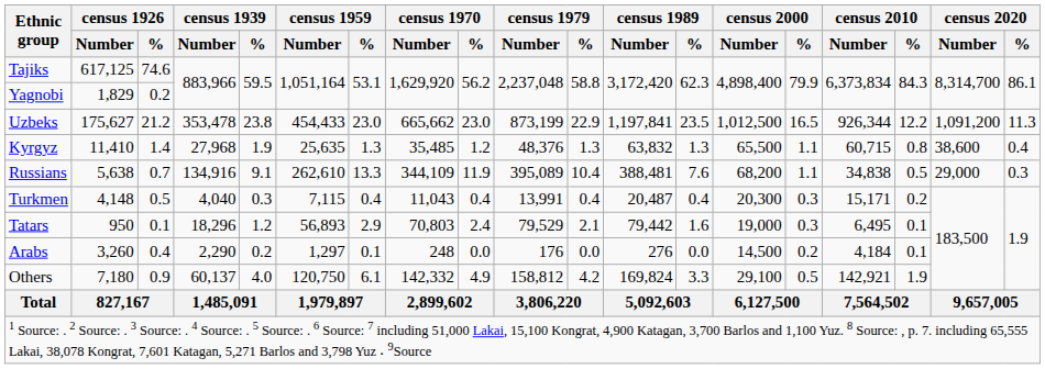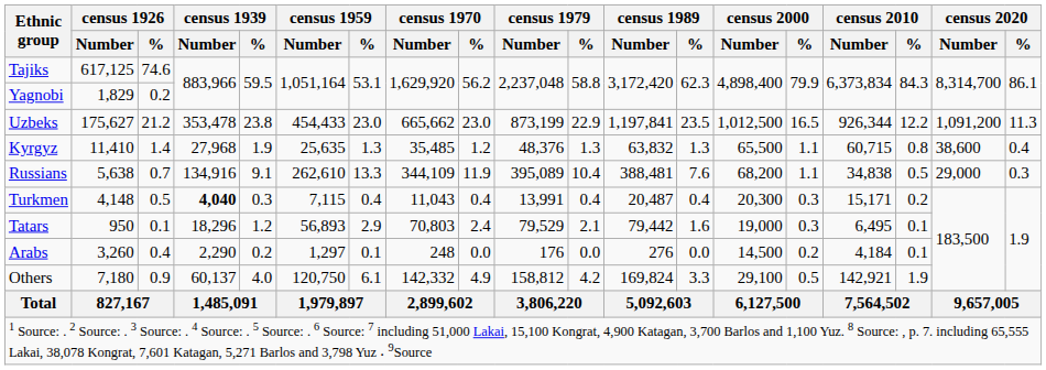 <table class="wikitable">
 <tr bgcolor="#e0e0e0">
 <th rowspan="2">Ethnic<br>group</th>
 <th colspan="2">census 1926</th>
 <th colspan="2">census 1939</th>
 <th colspan="2">census 1959</th>
 <th colspan="2">census 1970</th>
 <th colspan="2">census 1979</th>
 <th colspan="2">census 1989</th>
 <th colspan="2">census 2000</th>
 <th colspan="2">census 2010</th>
 <th colspan="2">census 2020</th>
 </tr>
 <tr bgcolor="#e0e0e0">
 <th>Number</th>
 <th>%</th>
 <th>Number</th>
 <th>%</th>
 <th>Number</th>
 <th>%</th>
 <th>Number</th>
 <th>%</th>
 <th>Number</th>
 <th>%</th>
 <th>Number</th>
 <th>%</th>
 <th>Number</th>
 <th>%</th>
 <th>Number</th>
 <th>%</th>
 <th>Number</th>
 <th>%</th>
 </tr>
 <tr>
 <td><a href='#'>Tajiks</a></td>
 <td align="right">617,125</td>
 <td align="right">74.6</td>
 <td rowspan="2" align="right">883,966</td>
 <td rowspan="2" align="right">59.5</td>
 <td rowspan="2" align="right">1,051,164</td>
 <td rowspan="2" align="right">53.1</td>
 <td rowspan="2" align="right">1,629,920</td>
 <td rowspan="2" align="right">56.2</td>
 <td rowspan="2" align="right">2,237,048</td>
 <td rowspan="2" align="right">58.8</td>
 <td rowspan="2" align="right">3,172,420</td>
 <td rowspan="2" align="right">62.3</td>
 <td rowspan="2" align="right">4,898,400</td>
 <td rowspan="2" align="right">79.9</td>
 <td rowspan="2" align="right">6,373,834</td>
 <td rowspan="2" align="right">84.3</td>
 <td rowspan="2">8,314,700</td>
 <td rowspan="2">86.1</td>
 </tr>
 <tr>
 <td><a href='#'>Yagnobi</a></td>
 <td align="right">1,829</td>
 <td align="right">0.2</td>
 </tr>
 <tr>
 <td><a href='#'>Uzbeks</a></td>
 <td align="right">175,627</td>
 <td align="right">21.2</td>
 <td align="right">353,478</td>
 <td align="right">23.8</td>
 <td align="right">454,433</td>
 <td align="right">23.0</td>
 <td align="right">665,662</td>
 <td align="right">23.0</td>
 <td align="right">873,199</td>
 <td align="right">22.9</td>
 <td align="right">1,197,841</td>
 <td align="right">23.5</td>
 <td align="right">1,012,500</td>
 <td align="right">16.5</td>
 <td align="right">926,344</td>
 <td align="right">12.2</td>
 <td>1,091,200</td>
 <td>11.3</td>
 </tr>
 <tr>
 <td><a href='#'>Kyrgyz</a></td>
 <td align="right">11,410</td>
 <td align="right">1.4</td>
 <td align="right">27,968</td>
 <td align="right">1.9</td>
 <td align="right">25,635</td>
 <td align="right">1.3</td>
 <td align="right">35,485</td>
 <td align="right">1.2</td>
 <td align="right">48,376</td>
 <td align="right">1.3</td>
 <td align="right">63,832</td>
 <td align="right">1.3</td>
 <td align="right">65,500</td>
 <td align="right">1.1</td>
 <td align="right">60,715</td>
 <td align="right">0.8</td>
 <td>38,600</td>
 <td>0.4</td>
 </tr>
 <tr>
 <td><a href='#'>Russians</a></td>
 <td align="right">5,638</td>
 <td align="right">0.7</td>
 <td align="right">134,916</td>
 <td align="right">9.1</td>
 <td align="right">262,610</td>
 <td align="right">13.3</td>
 <td align="right">344,109</td>
 <td align="right">11.9</td>
 <td align="right">395,089</td>
 <td align="right">10.4</td>
 <td align="right">388,481</td>
 <td align="right">7.6</td>
 <td align="right">68,200</td>
 <td align="right">1.1</td>
 <td align="right">34,838</td>
 <td align="right">0.5</td>
 <td>29,000</td>
 <td>0.3</td>
 </tr>
 <tr>
 <td><a href='#'>Turkmen</a></td>
 <td align="right">4,148</td>
 <td align="right">0.5</td>
-<td align="right">4,040</td>
+<td align="right"><strong>4,040</strong></td>
 <td align="right">0.3</td>
 <td align="right">7,115</td>
 <td align="right">0.4</td>
 <td align="right">11,043</td>
 <td align="right">0.4</td>
 <td align="right">13,991</td>
 <td align="right">0.4</td>
 <td align="right">20,487</td>
 <td align="right">0.4</td>
 <td align="right">20,300</td>
 <td align="right">0.3</td>
 <td align="right">15,171</td>
 <td align="right">0.2</td>
 <td rowspan="4">183,500</td>
 <td rowspan="4">1.9</td>
 </tr>
 <tr>
 <td><a href='#'>Tatars</a></td>
 <td align="right">950</td>
 <td align="right">0.1</td>
 <td align="right">18,296</td>
 <td align="right">1.2</td>
 <td align="right">56,893</td>
 <td align="right">2.9</td>
 <td align="right">70,803</td>
 <td align="right">2.4</td>
 <td align="right">79,529</td>
 <td align="right">2.1</td>
 <td align="right">79,442</td>
 <td align="right">1.6</td>
 <td align="right">19,000</td>
 <td align="right">0.3</td>
 <td align="right">6,495</td>
 <td align="right">0.1</td>
 </tr>
 <tr>
 <td><a href='#'>Arabs</a></td>
 <td align="right">3,260</td>
 <td align="right">0.4</td>
 <td align="right">2,290</td>
 <td align="right">0.2</td>
 <td align="right">1,297</td>
 <td align="right">0.1</td>
 <td align="right">248</td>
 <td align="right">0.0</td>
 <td align="right">176</td>
 <td align="right">0.0</td>
 <td align="right">276</td>
 <td align="right">0.0</td>
 <td align="right">14,500</td>
 <td align="right">0.2</td>
 <td align="right">4,184</td>
 <td align="right">0.1</td>
 </tr>
 <tr>
 <td>Others</td>
 <td align="right">7,180</td>
 <td align="right">0.9</td>
 <td align="right">60,137</td>
 <td align="right">4.0</td>
 <td align="right">120,750</td>
 <td align="right">6.1</td>
 <td align="right">142,332</td>
 <td align="right">4.9</td>
 <td align="right">158,812</td>
 <td align="right">4.2</td>
 <td align="right">169,824</td>
 <td align="right">3.3</td>
 <td align="right">29,100</td>
 <td align="right">0.5</td>
 <td align="right">142,921</td>
 <td align="right">1.9</td>
 </tr>
 <tr bgcolor="#e0e0e0">
 <th align="left">Total</th>
 <th colspan="2">827,167</th>
 <th colspan="2">1,485,091</th>
 <th colspan="2">1,979,897</th>
 <th colspan="2">2,899,602</th>
 <th colspan="2">3,806,220</th>
 <th colspan="2">5,092,603</th>
 <th colspan="2">6,127,500</th>
 <th colspan="2">7,564,502</th>
 <th colspan="2">9,657,005</th>
 </tr>
 <tr>
 <td colspan="19"><small><sup>1</sup> Source: . <sup>2</sup> Source: . <sup>3</sup> Source: . <sup>4</sup> Source: . <sup>5</sup> Source: . <sup>6</sup> Source:  <sup>7</sup> including 51,000 <a href='#'>Lakai</a>, 15,100 Kongrat, 4,900 Katagan, 3,700 Barlos and 1,100 Yuz. <sup>8</sup> Source: , p. 7. including 65,555 Lakai, 38,078 Kongrat, 7,601 Katagan, 5,271 Barlos and 3,798 Yuz </small>.  <small><sup>9</sup>Source</small></td>
 </tr>
 </table>
